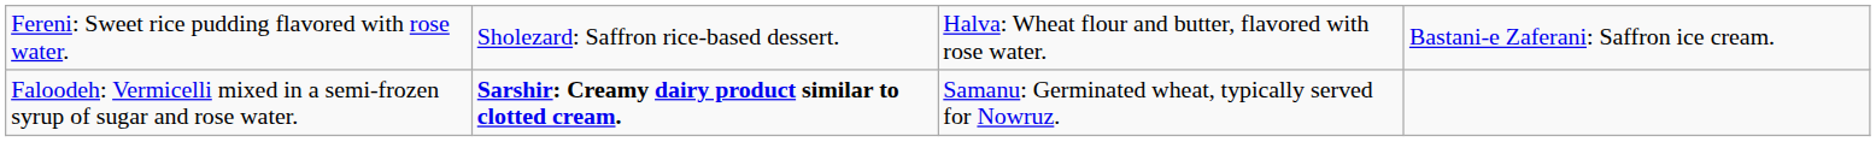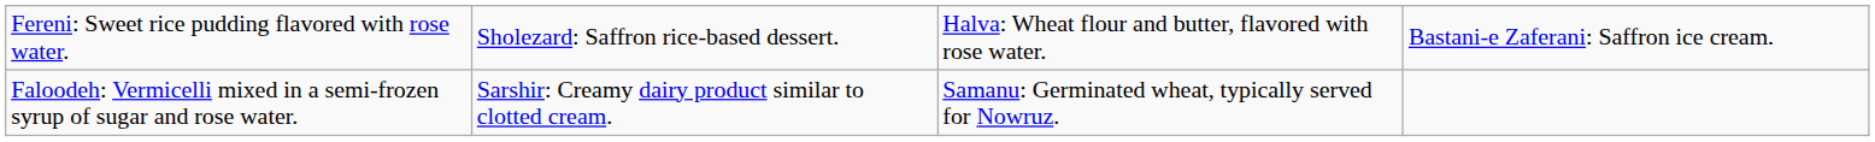 <table class="wikitable">
 <tr>
 <td style="width: 20%;"><a href='#'>Fereni</a>: Sweet rice pudding flavored with <a href='#'>rose water</a>.</td>
 <td style="width: 20%;"><a href='#'>Sholezard</a>: Saffron rice-based dessert.</td>
 <td style="width: 20%;"><a href='#'>Halva</a>: Wheat flour and butter, flavored with rose water.</td>
 <td style="width: 20%;"><a href='#'>Bastani-e Zaferani</a>: Saffron ice cream.</td>
 </tr>
 <tr>
 <td><a href='#'>Faloodeh</a>: <a href='#'>Vermicelli</a> mixed in a semi-frozen syrup of sugar and rose water.</td>
-<td><strong><a href='#'>Sarshir</a>: Creamy <a href='#'>dairy product</a> similar to <a href='#'>clotted cream</a>.</strong></td>
+<td><a href='#'>Sarshir</a>: Creamy <a href='#'>dairy product</a> similar to <a href='#'>clotted cream</a>.</td>
 <td><a href='#'>Samanu</a>: Germinated wheat, typically served for <a href='#'>Nowruz</a>.</td>
 </tr>
 </table>
